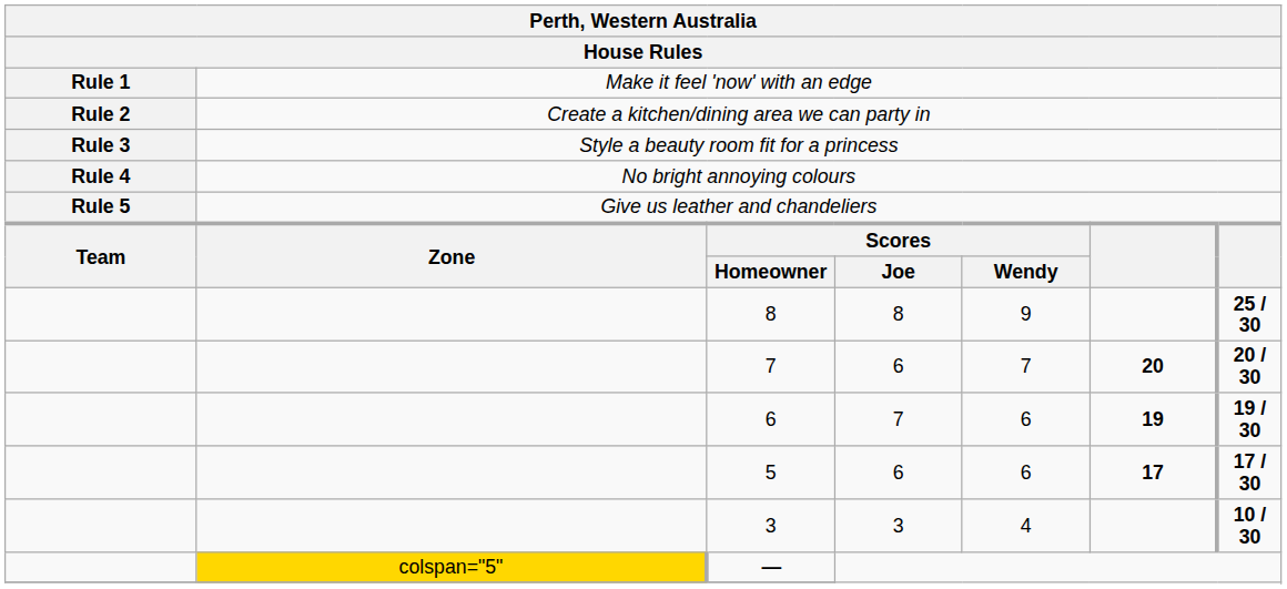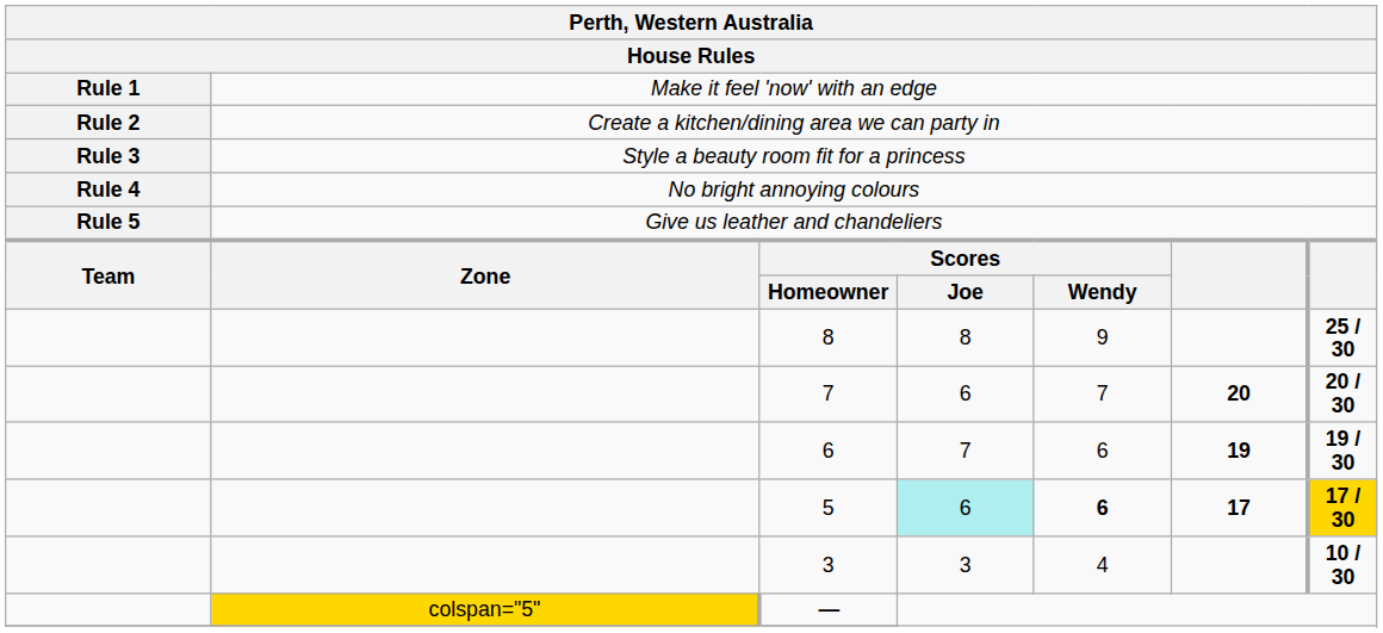 <table class="wikitable plainrowheaders" style="text-align:center; font-size:90%; width:65em;">
 <tr>
 <th colspan="7" >Perth, Western Australia</th>
 </tr>
 <tr>
 <th colspan="7">House Rules</th>
 </tr>
 <tr>
 <th>Rule 1</th>
 <td colspan="6"><em>Make it feel 'now' with an edge</em></td>
 </tr>
 <tr>
 <th>Rule 2</th>
 <td colspan="6"><em>Create a kitchen/dining area we can party in</em></td>
 </tr>
 <tr>
 <th>Rule 3</th>
 <td colspan="6"><em>Style a beauty room fit for a princess</em></td>
 </tr>
 <tr>
 <th>Rule 4</th>
 <td colspan="6"><em>No bright annoying colours</em></td>
 </tr>
 <tr>
 <th>Rule 5</th>
 <td colspan="6"><em>Give us leather and chandeliers</em></td>
 </tr>
 <tr style="border-top:3px solid #aaa;">
 <th rowspan="2">Team</th>
 <th rowspan="2" style="width:40%;">Zone</th>
 <th colspan="3" style="width:40%;">Scores</th>
 <th rowspan="2" style="width:10%;"></th>
 <th rowspan="2" style="width:10%; border-left:3px solid #aaa;"></th>
 </tr>
 <tr>
 <th style="width:10%;">Homeowner</th>
 <th style="width:10%;">Joe</th>
 <th style="width:10%;">Wendy</th>
 </tr>
 <tr>
 <td style="width:15%;"></td>
 <td></td>
 <td>8</td>
 <td>8</td>
 <td>9</td>
 <td></td>
 <td style="border-left:3px solid #aaa;"><strong>25 / 30</strong></td>
 </tr>
 <tr>
 <td style="width:15%;"></td>
 <td></td>
 <td>7</td>
 <td>6</td>
 <td>7</td>
 <td><strong>20</strong></td>
 <td style="border-left:3px solid #aaa;"><strong>20 / 30</strong></td>
 </tr>
 <tr>
 <td style="width:15%;"></td>
 <td></td>
 <td>6</td>
 <td>7</td>
 <td>6</td>
 <td><strong>19</strong></td>
 <td style="border-left:3px solid #aaa;"><strong>19 / 30</strong></td>
 </tr>
 <tr>
 <td style="width:15%;"></td>
 <td></td>
 <td>5</td>
-<td>6</td>
-<td>6</td>
+<td style="background: paleturquoise;">6</td>
+<td><strong>6</strong></td>
 <td><strong>17</strong></td>
-<td style="border-left:3px solid #aaa;"><strong>17 / 30</strong></td>
+<td style="background: gold; border-left:3px solid #aaa;"><strong>17 / 30</strong></td>
 </tr>
 <tr>
 <td style="width:15%;"></td>
 <td></td>
 <td>3</td>
 <td>3</td>
 <td>4</td>
 <td></td>
 <td style="border-left:3px solid #aaa;"><strong>10 / 30</strong></td>
 </tr>
 <tr>
 <td style="width:15%;"></td>
 <td style="background: gold;">colspan="5" </td>
 <td style="border-left:3px solid #aaa;"><strong>—</strong></td>
 </tr>
 <tr>
 </tr>
 </table>
